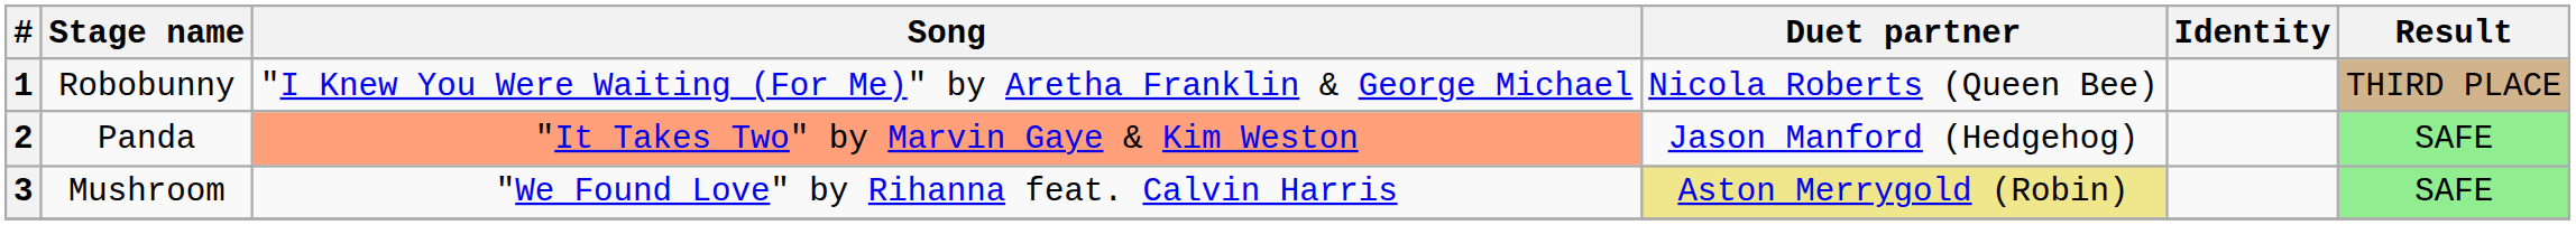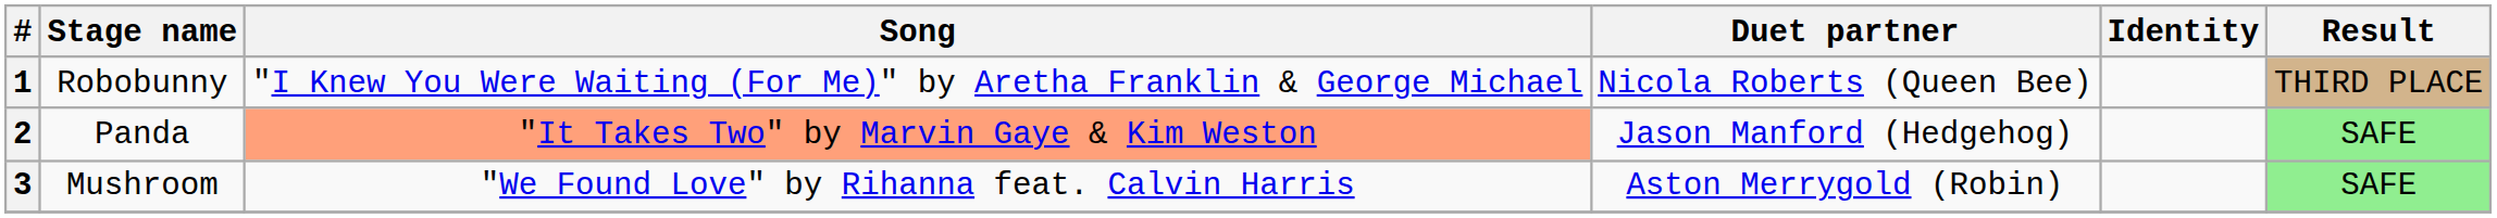 <table class="wikitable plainrowheaders" style="text-align: center;">
 <tr>
 <th>#</th>
 <th>Stage name</th>
 <th>Song</th>
 <th>Duet partner</th>
 <th>Identity</th>
 <th>Result</th>
 </tr>
 <tr>
 <th>1</th>
 <td>Robobunny</td>
 <td>"<a href='#'>I Knew You Were Waiting (For Me)</a>" by <a href='#'>Aretha Franklin</a> & <a href='#'>George Michael</a></td>
 <td><a href='#'>Nicola Roberts</a> (Queen Bee)</td>
 <td></td>
 <td bgcolor=tan>THIRD PLACE</td>
 </tr>
 <tr>
 <th>2</th>
 <td>Panda</td>
 <td style="background: lightsalmon;">"<a href='#'>It Takes Two</a>" by <a href='#'>Marvin Gaye</a> & <a href='#'>Kim Weston</a></td>
 <td><a href='#'>Jason Manford</a> (Hedgehog)</td>
 <td></td>
 <td bgcolor=lightgreen>SAFE</td>
 </tr>
 <tr>
 <th>3</th>
 <td>Mushroom</td>
 <td>"<a href='#'>We Found Love</a>" by <a href='#'>Rihanna</a> feat. <a href='#'>Calvin Harris</a></td>
-<td style="background: khaki;"><a href='#'>Aston Merrygold</a> (Robin)</td>
+<td><a href='#'>Aston Merrygold</a> (Robin)</td>
 <td></td>
 <td bgcolor=lightgreen>SAFE</td>
 </tr>
 <tr>
 </tr>
 </table>
